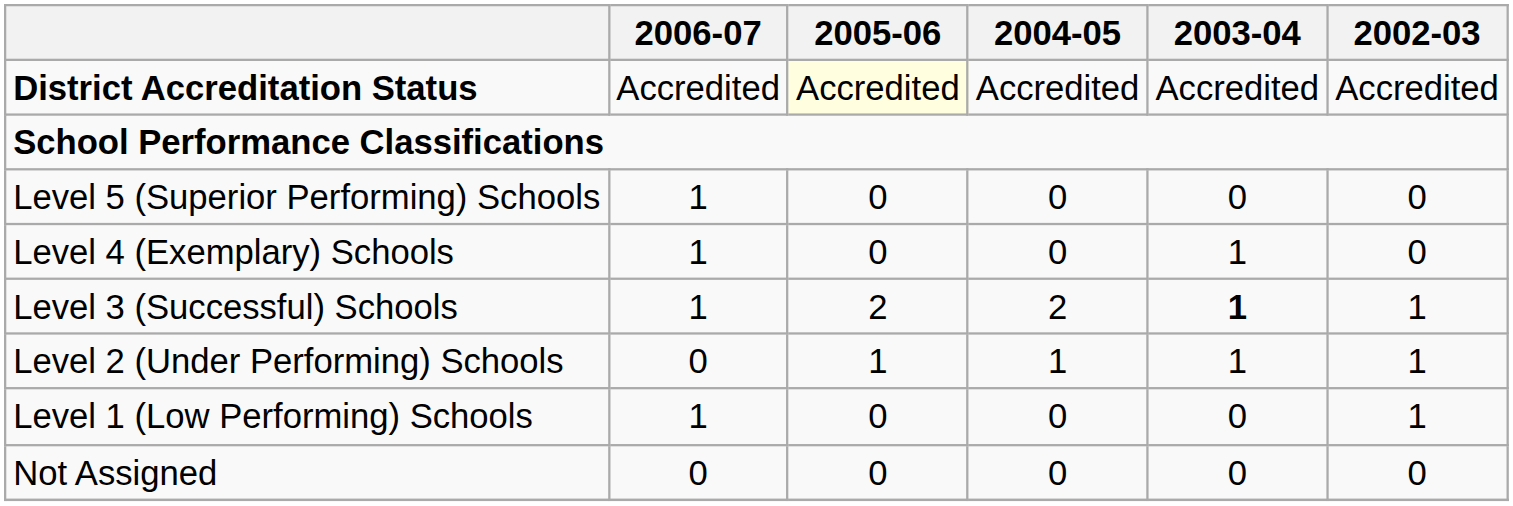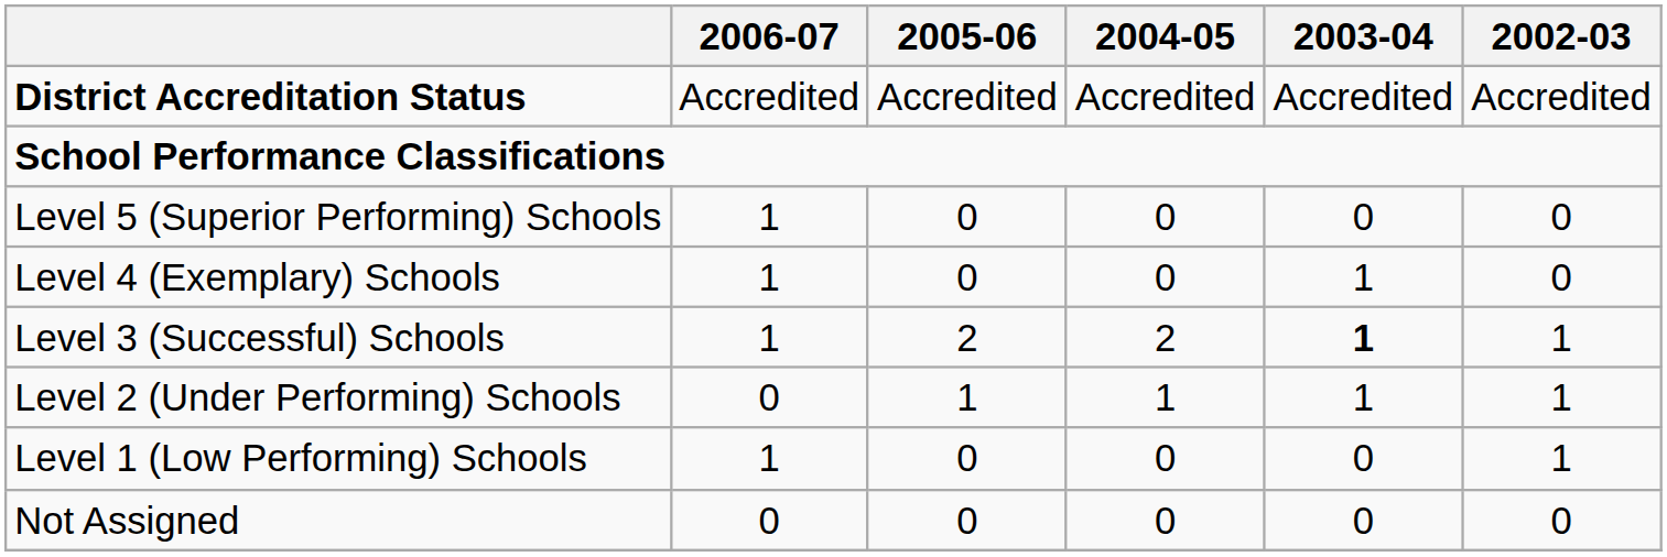 <table class="wikitable" style="font-size: 95%;">
 <tr>
 <th></th>
 <th>2006-07</th>
 <th>2005-06</th>
 <th>2004-05</th>
 <th>2003-04</th>
 <th>2002-03</th>
 </tr>
 <tr>
 <td align="left"><strong>District Accreditation Status</strong></td>
 <td align="center">Accredited</td>
-<td align="center" style="background: lightyellow;">Accredited</td>
+<td align="center">Accredited</td>
 <td align="center">Accredited</td>
 <td align="center">Accredited</td>
 <td align="center">Accredited</td>
 </tr>
 <tr>
 <td align="left" colspan="6"><strong>School Performance Classifications</strong></td>
 </tr>
 <tr>
 <td align="left">Level 5 (Superior Performing) Schools</td>
 <td align="center">1</td>
 <td align="center">0</td>
 <td align="center">0</td>
 <td align="center">0</td>
 <td align="center">0</td>
 </tr>
 <tr>
 <td align="left">Level 4 (Exemplary) Schools</td>
 <td align="center">1</td>
 <td align="center">0</td>
 <td align="center">0</td>
 <td align="center">1</td>
 <td align="center">0</td>
 </tr>
 <tr>
 <td align="left">Level 3 (Successful) Schools</td>
 <td align="center">1</td>
 <td align="center">2</td>
 <td align="center">2</td>
 <td align="center"><strong>1</strong></td>
 <td align="center">1</td>
 </tr>
 <tr>
 <td align="left">Level 2 (Under Performing) Schools</td>
 <td align="center">0</td>
 <td align="center">1</td>
 <td align="center">1</td>
 <td align="center">1</td>
 <td align="center">1</td>
 </tr>
 <tr>
 <td align="left">Level 1 (Low Performing) Schools</td>
 <td align="center">1</td>
 <td align="center">0</td>
 <td align="center">0</td>
 <td align="center">0</td>
 <td align="center">1</td>
 </tr>
 <tr>
 <td align="left">Not Assigned</td>
 <td align="center">0</td>
 <td align="center">0</td>
 <td align="center">0</td>
 <td align="center">0</td>
 <td align="center">0</td>
 </tr>
 <tr>
 </tr>
 </table>
